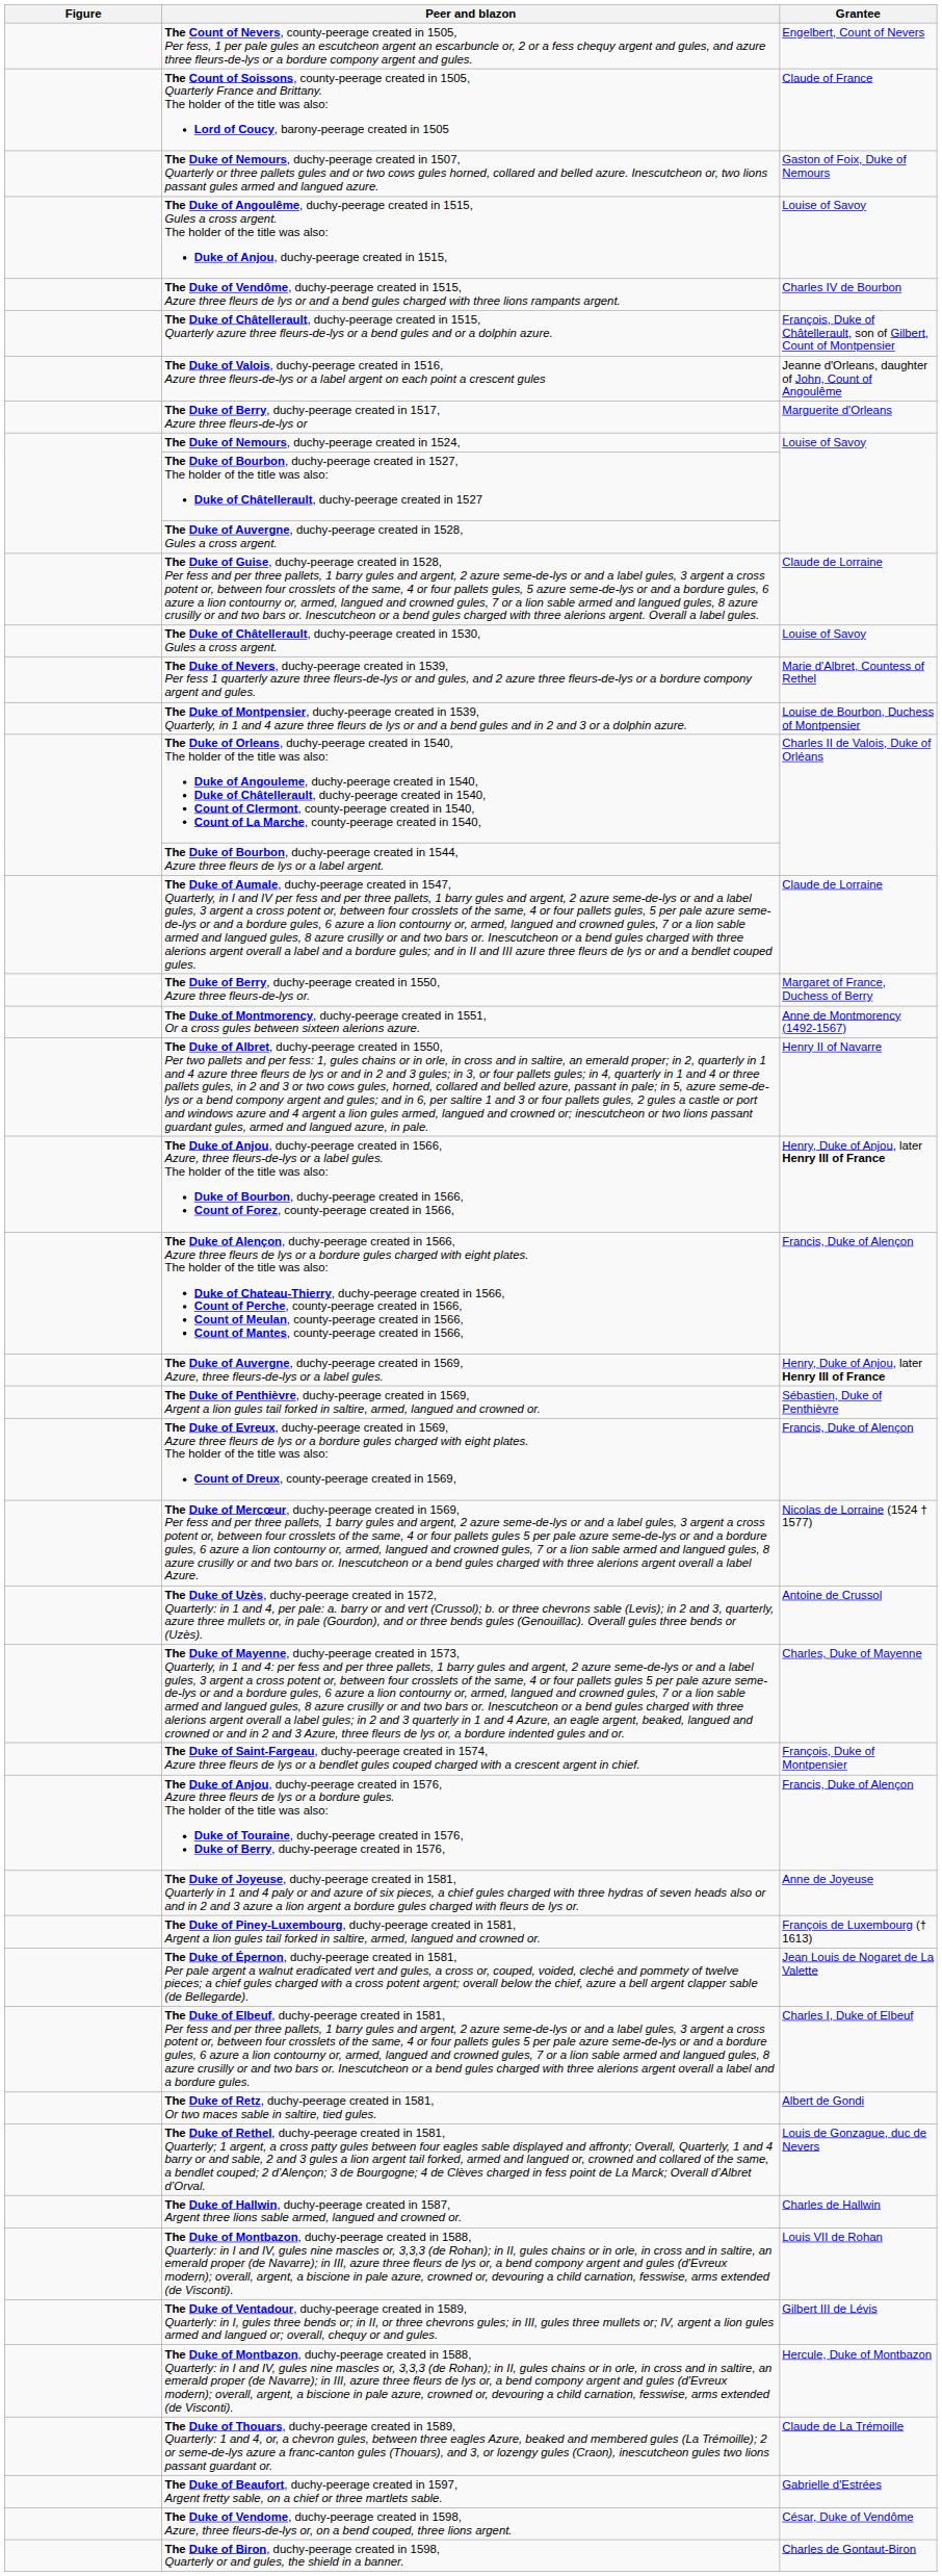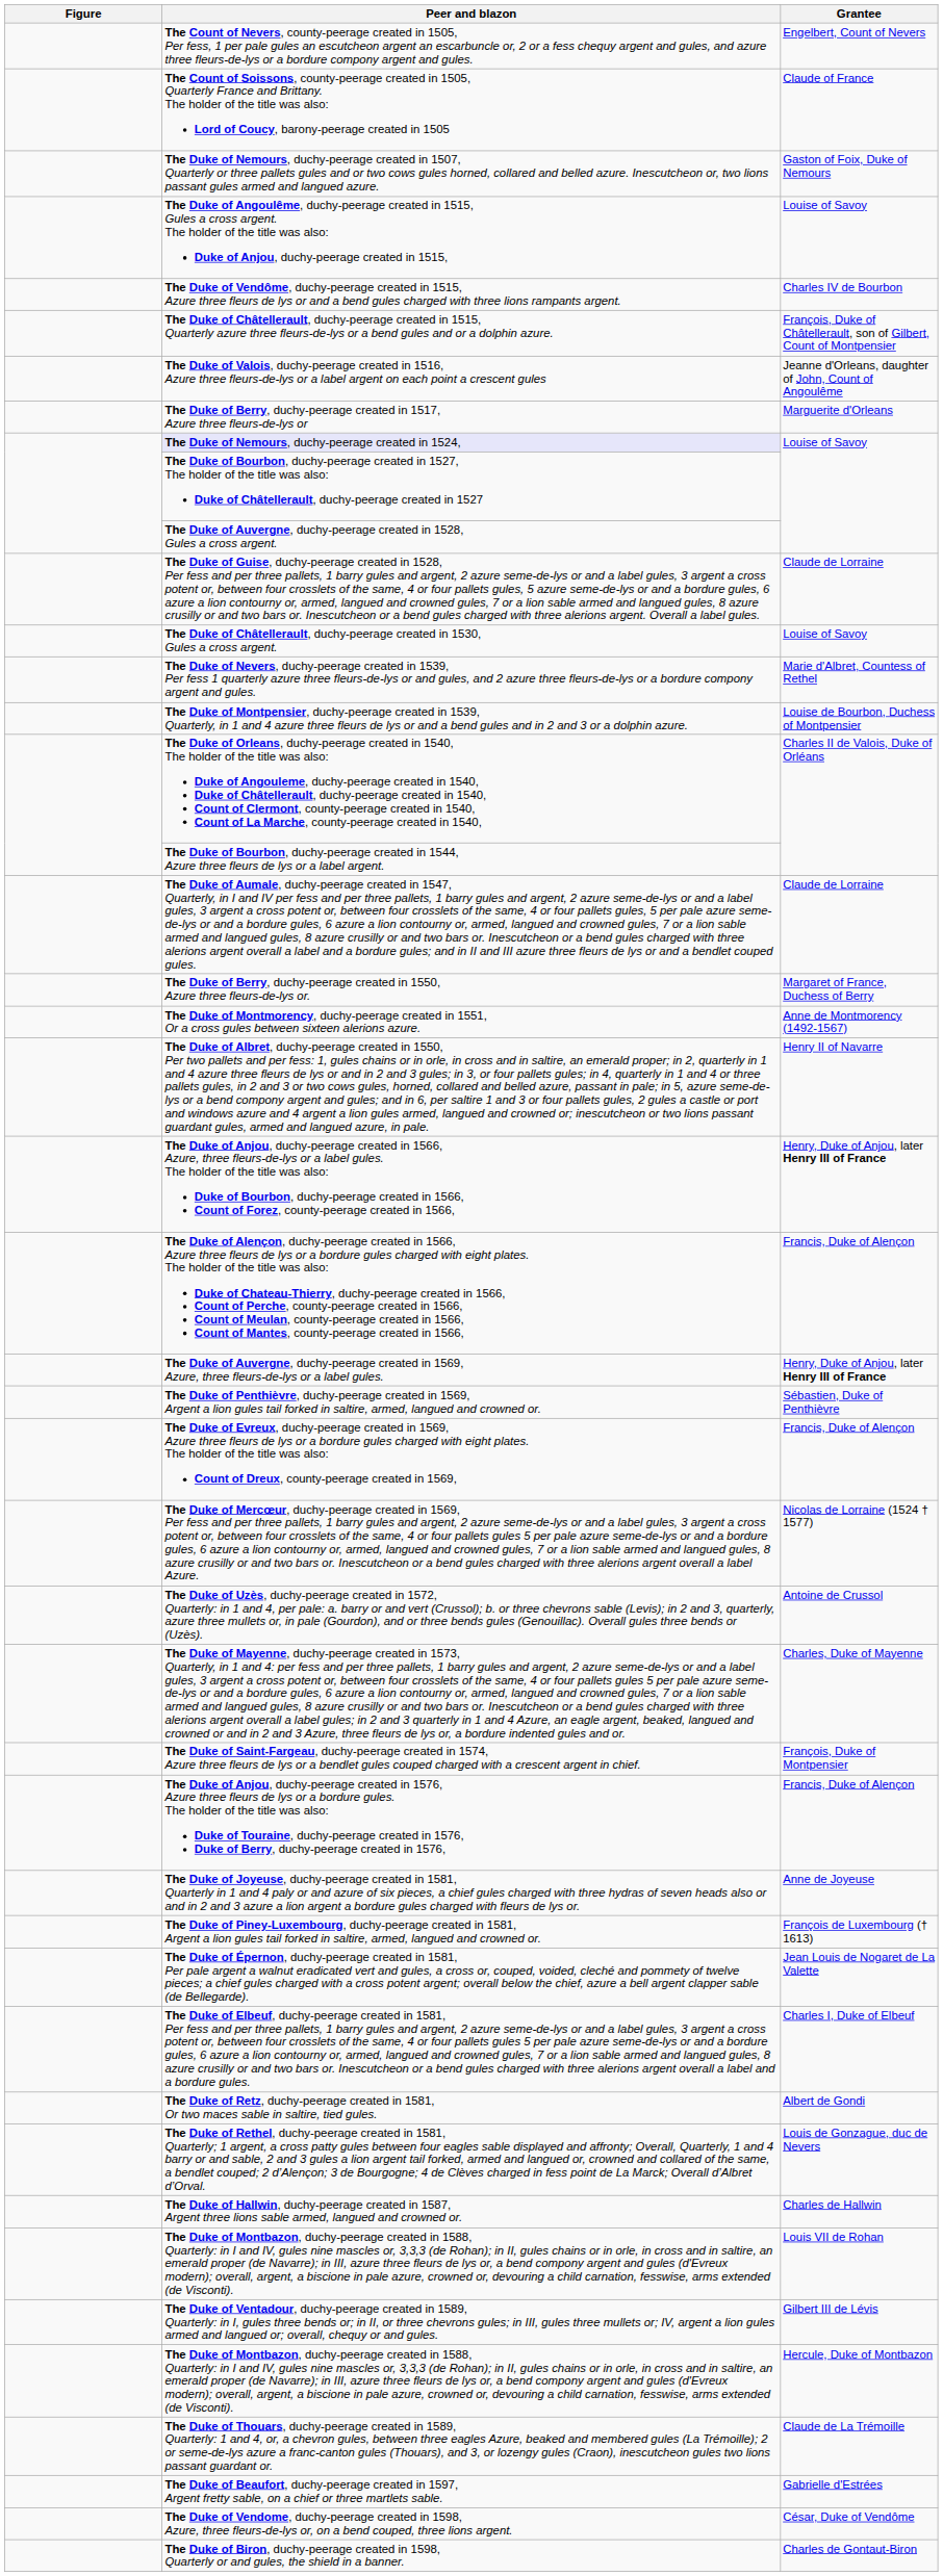 <table class="wikitable" width="100%">
 <tr>
 <th width="206">Figure</th>
 <th>Peer and blazon</th>
 <th width="206">Grantee</th>
 </tr>
 <tr valign="top">
 <td align="center"></td>
 <td><strong>The <a href='#'>Count of Nevers</a></strong>, county-peerage created in 1505,<br><em>Per fess, 1 per pale gules an escutcheon argent an escarbuncle or, 2 or a fess chequy argent and gules, and azure three fleurs-de-lys or a bordure compony argent and gules.</em></td>
 <td><a href='#'>Engelbert, Count of Nevers</a></td>
 </tr>
 <tr valign="top">
 <td align="center"></td>
 <td><strong>The <a href='#'>Count of Soissons</a></strong>, county-peerage created in 1505,<br><em>Quarterly France and Brittany.</em><br>The holder of the title was also:<ul><li><strong><a href='#'>Lord of Coucy</a></strong>, barony-peerage created in 1505</li></ul></td>
 <td><a href='#'>Claude of France</a></td>
 </tr>
 <tr valign="top">
 <td align="center"></td>
 <td><strong>The <a href='#'>Duke of Nemours</a></strong>, duchy-peerage created in 1507,<br><em>Quarterly or three pallets gules and or two cows gules horned, collared and belled azure. Inescutcheon or, two lions passant gules armed and langued azure.</em></td>
 <td><a href='#'>Gaston of Foix, Duke of Nemours</a></td>
 </tr>
 <tr valign="top">
 <td align="center"></td>
 <td><strong>The <a href='#'>Duke of Angoulême</a></strong>, duchy-peerage created in 1515,<br><em>Gules a cross argent.</em><br>The holder of the title was also:<ul><li><strong><a href='#'>Duke of Anjou</a></strong>, duchy-peerage created in 1515,</li></ul></td>
 <td><a href='#'>Louise of Savoy</a></td>
 </tr>
 <tr valign="top">
 <td align="center"></td>
 <td><strong>The <a href='#'>Duke of Vendôme</a></strong>, duchy-peerage created in 1515,<br><em>Azure three fleurs de lys or and a bend gules charged with three lions rampants argent.</em></td>
 <td><a href='#'>Charles IV de Bourbon</a></td>
 </tr>
 <tr valign="top">
 <td align="center"></td>
 <td><strong>The <a href='#'>Duke of Châtellerault</a></strong>, duchy-peerage created in 1515,<br><em>Quarterly azure three fleurs-de-lys or a bend gules and or a dolphin azure.</em></td>
 <td><a href='#'>François, Duke of Châtellerault</a>, son of <a href='#'>Gilbert, Count of Montpensier</a></td>
 </tr>
 <tr valign="top">
 <td align="center"></td>
 <td><strong>The <a href='#'>Duke of Valois</a></strong>, duchy-peerage created in 1516,<br><em>Azure three fleurs-de-lys or a label argent on each point a crescent gules</em></td>
 <td>Jeanne d'Orleans, daughter of <a href='#'>John, Count of Angoulême</a></td>
 </tr>
 <tr valign="top">
 <td align="center"></td>
 <td><strong>The <a href='#'>Duke of Berry</a></strong>, duchy-peerage created in 1517,<br><em>Azure three fleurs-de-lys or</em></td>
 <td><a href='#'>Marguerite d'Orleans</a></td>
 </tr>
 <tr valign="top">
 <td align="center" rowspan=3></td>
-<td><strong>The <a href='#'>Duke of Nemours</a></strong>, duchy-peerage created in 1524,</td>
+<td style="background: lavender;"><strong>The <a href='#'>Duke of Nemours</a></strong>, duchy-peerage created in 1524,</td>
 <td rowspan=3><a href='#'>Louise of Savoy</a></td>
 </tr>
 <tr valign="top">
 <td><strong>The <a href='#'>Duke of Bourbon</a></strong>, duchy-peerage created in 1527,<br>The holder of the title was also:<ul><li><strong><a href='#'>Duke of Châtellerault</a></strong>, duchy-peerage created in 1527</li></ul></td>
 </tr>
 <tr valign="top">
 <td><strong>The <a href='#'>Duke of Auvergne</a></strong>, duchy-peerage created in 1528,<br><em>Gules a cross argent.</em></td>
 </tr>
 <tr valign="top">
 <td align="center"></td>
 <td><strong>The <a href='#'>Duke of Guise</a></strong>, duchy-peerage created in 1528,<br><em>Per fess and per three pallets, 1 barry gules and argent, 2 azure seme-de-lys or and a label gules, 3 argent a cross potent or, between four crosslets of the same, 4 or four pallets gules, 5 azure seme-de-lys or and a bordure gules, 6 azure a lion contourny or, armed, langued and crowned gules, 7 or a lion sable armed and langued gules, 8 azure crusilly or and two bars or. Inescutcheon or a bend gules charged with three alerions argent. Overall a label gules.</em></td>
 <td><a href='#'>Claude de Lorraine</a></td>
 </tr>
 <tr valign="top">
 <td align="center"></td>
 <td><strong>The <a href='#'>Duke of Châtellerault</a></strong>, duchy-peerage created in 1530,<br><em>Gules a cross argent.</em></td>
 <td><a href='#'>Louise of Savoy</a></td>
 </tr>
 <tr valign="top">
 <td align="center"></td>
 <td><strong>The <a href='#'>Duke of Nevers</a></strong>, duchy-peerage created in 1539,<br><em>Per fess 1 quarterly azure three fleurs-de-lys or and gules, and 2 azure three fleurs-de-lys or a bordure compony argent and gules.</em></td>
 <td><a href='#'>Marie d'Albret, Countess of Rethel</a></td>
 </tr>
 <tr valign="top">
 <td align="center"></td>
 <td><strong>The <a href='#'>Duke of Montpensier</a></strong>, duchy-peerage created in 1539,<br><em>Quarterly, in 1 and 4 azure three fleurs de lys or and a bend gules and in 2 and 3 or a dolphin azure.</em></td>
 <td><a href='#'>Louise de Bourbon, Duchess of Montpensier</a></td>
 </tr>
 <tr valign="top">
 <td align="center" rowspan=2></td>
 <td><strong>The <a href='#'>Duke of Orleans</a></strong>, duchy-peerage created in 1540,<br>The holder of the title was also:<ul><li><strong><a href='#'>Duke of Angouleme</a></strong>, duchy-peerage created in 1540,</li><li><strong><a href='#'>Duke of Châtellerault</a></strong>, duchy-peerage created in 1540,</li><li><strong><a href='#'>Count of Clermont</a></strong>, county-peerage created in 1540,</li><li><strong><a href='#'>Count of La Marche</a></strong>, county-peerage created in 1540,</li></ul></td>
 <td rowspan=2><a href='#'>Charles II de Valois, Duke of Orléans</a></td>
 </tr>
 <tr valign="top">
 <td><strong>The <a href='#'>Duke of Bourbon</a></strong>, duchy-peerage created in 1544,<br><em>Azure three fleurs de lys or a label argent.</em></td>
 </tr>
 <tr valign="top">
 <td align="center"></td>
 <td><strong>The <a href='#'>Duke of Aumale</a></strong>, duchy-peerage created in 1547,<br><em>Quarterly, in I and IV per fess and per three pallets, 1 barry gules and argent, 2 azure seme-de-lys or and a label gules, 3 argent a cross potent or, between four crosslets of the same, 4 or four pallets gules, 5 per pale azure seme-de-lys or and a bordure gules, 6 azure a lion contourny or, armed, langued and crowned gules, 7 or a lion sable armed and langued gules, 8 azure crusilly or and two bars or. Inescutcheon or a bend gules charged with three alerions argent overall a label and a bordure gules; and in II and III azure three fleurs de lys or and a bendlet couped gules.</em></td>
 <td><a href='#'>Claude de Lorraine</a></td>
 </tr>
 <tr valign="top">
 <td align="center"></td>
 <td><strong>The <a href='#'>Duke of Berry</a></strong>, duchy-peerage created in 1550,<br><em>Azure three fleurs-de-lys or.</em></td>
 <td><a href='#'>Margaret of France, Duchess of Berry</a></td>
 </tr>
 <tr valign="top">
 <td align="center"></td>
 <td><strong>The <a href='#'>Duke of Montmorency</a></strong>, duchy-peerage created in 1551,<br><em>Or a cross gules between sixteen alerions azure.</em></td>
 <td><a href='#'>Anne de Montmorency (1492-1567)</a></td>
 </tr>
 <tr valign="top">
 <td align="center"></td>
 <td><strong>The <a href='#'>Duke of Albret</a></strong>, duchy-peerage created in 1550,<br><em>Per two pallets and per fess: 1, gules chains or in orle, in cross and in saltire, an emerald proper; in 2, quarterly in 1 and 4 azure three fleurs de lys or and in 2 and 3 gules; in 3, or four pallets gules; in 4, quarterly in 1 and 4 or three pallets gules, in 2 and 3 or two cows gules, horned, collared and belled azure, passant in pale; in 5, azure seme-de-lys or a bend compony argent and gules; and in 6, per saltire 1 and 3 or four pallets gules, 2 gules a castle or port and windows azure and 4 argent a lion gules armed, langued and crowned or; inescutcheon or two lions passant guardant gules, armed and langued azure, in pale.</em></td>
 <td><a href='#'>Henry II of Navarre</a></td>
 </tr>
 <tr valign="top">
 <td align="center"></td>
 <td><strong>The <a href='#'>Duke of Anjou</a></strong>, duchy-peerage created in 1566,<br><em>Azure, three fleurs-de-lys or a label gules.</em><br>The holder of the title was also:<ul><li><strong><a href='#'>Duke of Bourbon</a></strong>, duchy-peerage created in 1566,</li><li><strong><a href='#'>Count of Forez</a></strong>, county-peerage created in 1566,</li></ul></td>
 <td><a href='#'>Henry, Duke of Anjou</a>, later <strong>Henry III of France</strong></td>
 </tr>
 <tr valign="top">
 <td align="center"></td>
 <td><strong>The <a href='#'>Duke of Alençon</a></strong>, duchy-peerage created in 1566,<br><em>Azure three fleurs de lys or a bordure gules charged with eight plates.</em><br>The holder of the title was also:<ul><li><strong><a href='#'>Duke of Chateau-Thierry</a></strong>, duchy-peerage created in 1566,</li><li><strong><a href='#'>Count of Perche</a></strong>, county-peerage created in 1566,</li><li><strong><a href='#'>Count of Meulan</a></strong>, county-peerage created in 1566,</li><li><strong><a href='#'>Count of Mantes</a></strong>, county-peerage created in 1566,</li></ul></td>
 <td><a href='#'>Francis, Duke of Alençon</a></td>
 </tr>
 <tr valign="top">
 <td align="center"></td>
 <td><strong>The <a href='#'>Duke of Auvergne</a></strong>, duchy-peerage created in 1569,<br><em>Azure, three fleurs-de-lys or a label gules.</em></td>
 <td><a href='#'>Henry, Duke of Anjou</a>, later <strong>Henry III of France</strong></td>
 </tr>
 <tr valign="top">
 <td align="center"></td>
 <td><strong>The <a href='#'>Duke of Penthièvre</a></strong>, duchy-peerage created in 1569,<br><em>Argent a lion gules tail forked in saltire, armed, langued and crowned or.</em></td>
 <td><a href='#'>Sébastien, Duke of Penthièvre</a></td>
 </tr>
 <tr valign="top">
 <td align="center"></td>
 <td><strong>The <a href='#'>Duke of Evreux</a></strong>, duchy-peerage created in 1569,<br><em>Azure three fleurs de lys or a bordure gules charged with eight plates.</em><br>The holder of the title was also:<ul><li><strong><a href='#'>Count of Dreux</a></strong>, county-peerage created in 1569,</li></ul></td>
 <td><a href='#'>Francis, Duke of Alençon</a></td>
 </tr>
 <tr valign="top">
 <td align="center"></td>
 <td><strong>The <a href='#'>Duke of Mercœur</a></strong>, duchy-peerage created in 1569,<br><em>Per fess and per three pallets, 1 barry gules and argent, 2 azure seme-de-lys or and a label gules, 3 argent a cross potent or, between four crosslets of the same, 4 or four pallets gules 5 per pale azure seme-de-lys or and a bordure gules, 6 azure a lion contourny or, armed, langued and crowned gules, 7 or a lion sable armed and langued gules, 8 azure crusilly or and two bars or. Inescutcheon or a bend gules charged with three alerions argent overall a label Azure.</em></td>
 <td><a href='#'>Nicolas de Lorraine</a> (1524 † 1577)</td>
 </tr>
 <tr valign="top">
 <td align="center"></td>
 <td><strong>The <a href='#'>Duke of Uzès</a></strong>, duchy-peerage created in 1572,<br><em>Quarterly: in 1 and 4, per pale: a. barry or and vert (Crussol); b. or three chevrons sable (Levis); in 2 and 3, quarterly, azure three mullets or, in pale (Gourdon), and or three bends gules (Genouillac). Overall gules three bends or (Uzès).</em></td>
 <td><a href='#'>Antoine de Crussol</a></td>
 </tr>
 <tr valign="top">
 <td align="center"></td>
 <td><strong>The <a href='#'>Duke of Mayenne</a></strong>, duchy-peerage created in 1573,<br><em>Quarterly, in 1 and 4: per fess and per three pallets, 1 barry gules and argent, 2 azure seme-de-lys or and a label gules, 3 argent a cross potent or, between four crosslets of the same, 4 or four pallets gules 5 per pale azure seme-de-lys or and a bordure gules, 6 azure a lion contourny or, armed, langued and crowned gules, 7 or a lion sable armed and langued gules, 8 azure crusilly or and two bars or. Inescutcheon or a bend gules charged with three alerions argent overall a label gules; in 2 and 3 quarterly in 1 and 4 Azure, an eagle argent, beaked, langued and crowned or and in 2 and 3 Azure, three fleurs de lys or, a bordure indented gules and or.</em></td>
 <td><a href='#'>Charles, Duke of Mayenne</a></td>
 </tr>
 <tr valign="top">
 <td align="center"></td>
 <td><strong>The <a href='#'>Duke of Saint-Fargeau</a></strong>, duchy-peerage created in 1574,<br><em>Azure three fleurs de lys or a bendlet gules couped charged with a crescent argent in chief.</em></td>
 <td><a href='#'>François, Duke of Montpensier</a></td>
 </tr>
 <tr valign="top">
 <td align="center"></td>
 <td><strong>The <a href='#'>Duke of Anjou</a></strong>, duchy-peerage created in 1576,<br><em>Azure three fleurs de lys or a bordure gules.</em><br>The holder of the title was also:<ul><li><strong><a href='#'>Duke of Touraine</a></strong>, duchy-peerage created in 1576,</li><li><strong><a href='#'>Duke of Berry</a></strong>, duchy-peerage created in 1576,</li></ul></td>
 <td><a href='#'>Francis, Duke of Alençon</a></td>
 </tr>
 <tr valign="top">
 <td align="center"></td>
 <td><strong>The <a href='#'>Duke of Joyeuse</a></strong>, duchy-peerage created in 1581,<br><em>Quarterly in 1 and 4 paly or and azure of six pieces, a chief gules charged with three hydras of seven heads also or and in 2 and 3 azure a lion argent a bordure gules charged with fleurs de lys or.</em></td>
 <td><a href='#'>Anne de Joyeuse</a></td>
 </tr>
 <tr valign="top">
 <td align="center"></td>
 <td><strong>The <a href='#'>Duke of Piney-Luxembourg</a></strong>, duchy-peerage created in 1581,<br><em>Argent a lion gules tail forked in saltire, armed, langued and crowned or.</em></td>
 <td><a href='#'>François de Luxembourg</a> († 1613)</td>
 </tr>
 <tr valign="top">
 <td align="center"></td>
 <td><strong>The <a href='#'>Duke of Épernon</a></strong>, duchy-peerage created in 1581,<br><em>Per pale argent a walnut eradicated vert and gules, a cross or, couped, voided, cleché and pommety of twelve pieces; a chief gules charged with a cross potent argent; overall below the chief, azure a bell argent clapper sable (de Bellegarde).</em></td>
 <td><a href='#'>Jean Louis de Nogaret de La Valette</a></td>
 </tr>
 <tr valign="top">
 <td align="center"></td>
 <td><strong>The <a href='#'>Duke of Elbeuf</a></strong>, duchy-peerage created in 1581,<br><em>Per fess and per three pallets, 1 barry gules and argent, 2 azure seme-de-lys or and a label gules, 3 argent a cross potent or, between four crosslets of the same, 4 or four pallets gules 5 per pale azure seme-de-lys or and a bordure gules, 6 azure a lion contourny or, armed, langued and crowned gules, 7 or a lion sable armed and langued gules, 8 azure crusilly or and two bars or. Inescutcheon or a bend gules charged with three alerions argent overall a label and a bordure gules.</em></td>
 <td><a href='#'>Charles I, Duke of Elbeuf</a></td>
 </tr>
 <tr valign="top">
 <td align="center"></td>
 <td><strong>The <a href='#'>Duke of Retz</a></strong>, duchy-peerage created in 1581,<br><em>Or two maces sable in saltire, tied gules.</em></td>
 <td><a href='#'>Albert de Gondi</a></td>
 </tr>
 <tr valign="top">
 <td align="center"></td>
 <td><strong>The <a href='#'>Duke of Rethel</a></strong>, duchy-peerage created in 1581,<br><em>Quarterly; 1 argent, a cross patty gules between four eagles sable displayed and affronty; Overall, Quarterly, 1 and 4 barry or and sable, 2 and 3 gules a lion argent tail forked, armed and langued or, crowned and collared of the same, a bendlet couped; 2 d’Alençon; 3 de Bourgogne; 4 de Clèves charged in fess point de La Marck; Overall d’Albret d’Orval.</em></td>
 <td><a href='#'>Louis de Gonzague, duc de Nevers</a></td>
 </tr>
 <tr valign="top">
 <td align="center"></td>
 <td><strong>The <a href='#'>Duke of Hallwin</a></strong>, duchy-peerage created in 1587,<br><em>Argent three lions sable armed, langued and crowned or.</em></td>
 <td><a href='#'>Charles de Hallwin</a></td>
 </tr>
 <tr valign="top">
 <td align="center"></td>
 <td><strong>The <a href='#'>Duke of Montbazon</a></strong>, duchy-peerage created in 1588,<br><em>Quarterly: in I and IV, gules nine mascles or, 3,3,3 (de Rohan); in II, gules chains or in orle, in cross and in saltire, an emerald proper (de Navarre); in III, azure three fleurs de lys or, a bend compony argent and gules (d'Evreux modern); overall, argent, a biscione in pale azure, crowned or, devouring a child carnation, fesswise, arms extended (de Visconti).</em></td>
 <td><a href='#'>Louis VII de Rohan</a></td>
 </tr>
 <tr valign="top">
 <td align="center"></td>
 <td><strong>The <a href='#'>Duke of Ventadour</a></strong>, duchy-peerage created in 1589,<br><em>Quarterly: in I, gules three bends or; in II, or three chevrons gules; in III, gules three mullets or; IV, argent a lion gules armed and langued or; overall, chequy or and gules.</em></td>
 <td><a href='#'>Gilbert III de Lévis</a></td>
 </tr>
 <tr valign="top">
 <td align="center"></td>
 <td><strong>The <a href='#'>Duke of Montbazon</a></strong>, duchy-peerage created in 1588,<br><em>Quarterly: in I and IV, gules nine mascles or, 3,3,3 (de Rohan); in II, gules chains or in orle, in cross and in saltire, an emerald proper (de Navarre); in III, azure three fleurs de lys or, a bend compony argent and gules (d'Evreux modern); overall, argent, a biscione in pale azure, crowned or, devouring a child carnation, fesswise, arms extended (de Visconti).</em></td>
 <td><a href='#'>Hercule, Duke of Montbazon</a></td>
 </tr>
 <tr valign="top">
 <td align="center"></td>
 <td><strong>The <a href='#'>Duke of Thouars</a></strong>, duchy-peerage created in 1589,<br><em>Quarterly: 1 and 4, or, a chevron gules, between three eagles Azure, beaked and membered gules (La Trémoille); 2 or seme-de-lys azure a franc-canton gules (Thouars), and 3, or lozengy gules (Craon), inescutcheon gules two lions passant guardant or.</em></td>
 <td><a href='#'>Claude de La Trémoille</a></td>
 </tr>
 <tr valign="top">
 <td align="center"></td>
 <td><strong>The <a href='#'>Duke of Beaufort</a></strong>, duchy-peerage created in 1597,<br><em>Argent fretty sable, on a chief or three martlets sable.</em></td>
 <td><a href='#'>Gabrielle d'Estrées</a></td>
 </tr>
 <tr valign="top">
 <td align="center"></td>
 <td><strong>The <a href='#'>Duke of Vendome</a></strong>, duchy-peerage created in 1598,<br><em>Azure, three fleurs-de-lys or, on a bend couped, three lions argent.</em></td>
 <td><a href='#'>César, Duke of Vendôme</a></td>
 </tr>
 <tr valign="top">
 <td align="center"></td>
 <td><strong>The <a href='#'>Duke of Biron</a></strong>, duchy-peerage created in 1598,<br><em>Quarterly or and gules, the shield in a banner.</em></td>
 <td><a href='#'>Charles de Gontaut-Biron</a></td>
 </tr>
 </table>
